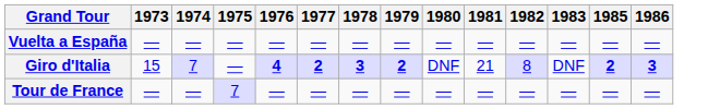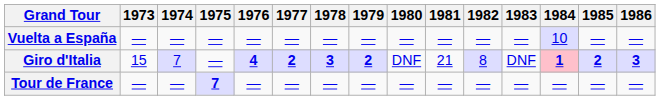 <table class="wikitable plainrowheaders">
 <tr>
 <th scope="col"><a href='#'>Grand Tour</a></th>
 <th scope="col">1973</th>
 <th scope="col">1974</th>
 <th scope="col">1975</th>
 <th scope="col">1976</th>
 <th scope="col">1977</th>
 <th scope="col">1978</th>
 <th scope="col">1979</th>
 <th scope="col">1980</th>
 <th scope="col">1981</th>
 <th scope="col">1982</th>
 <th scope="col">1983</th>
+<th scope="col">1984</th>
 <th scope="col">1985</th>
 <th scope="col">1986</th>
 </tr>
 <tr style="text-align:center;">
 <th scope="row"> <a href='#'>Vuelta a España</a></th>
 <td><a href='#'>—</a></td>
 <td><a href='#'>—</a></td>
 <td><a href='#'>—</a></td>
 <td><a href='#'>—</a></td>
 <td><a href='#'>—</a></td>
 <td><a href='#'>—</a></td>
 <td><a href='#'>—</a></td>
 <td><a href='#'>—</a></td>
 <td><a href='#'>—</a></td>
 <td><a href='#'>—</a></td>
 <td><a href='#'>—</a></td>
+<td style="background:#ddf;"><a href='#'>10</a></td>
 <td><a href='#'>—</a></td>
 <td><a href='#'>—</a></td>
 </tr>
 <tr style="text-align:center;">
 <th scope="row"> <a href='#'>Giro d'Italia</a></th>
 <td><a href='#'>15</a></td>
 <td style="background:#ddddff;"><a href='#'>7</a></td>
 <td><a href='#'>—</a></td>
 <td style="background:#ddddff;"><strong><a href='#'>4</a></strong></td>
 <td style="background:#ddddff;"><a href='#'><strong>2</strong></a></td>
 <td style="background:#ddddff;"><a href='#'><strong>3</strong></a></td>
 <td style="background:#ddddff;"><a href='#'><strong>2</strong></a></td>
 <td><a href='#'>DNF</a></td>
 <td><a href='#'>21</a></td>
 <td style="background:#ddddff;"><a href='#'>8</a></td>
 <td><a href='#'>DNF</a></td>
+<td style="background:pink"><a href='#'><strong>1</strong></a></td>
 <td style="background:#ddddff;"><a href='#'><strong>2</strong></a></td>
 <td style="background:#ddddff;"><a href='#'><strong>3</strong></a></td>
 </tr>
 <tr style="text-align:center;">
 <th scope="row"> <a href='#'>Tour de France</a></th>
 <td><a href='#'>—</a></td>
 <td><a href='#'>—</a></td>
-<td style="background:#ddddff;"><a href='#'>7</a></td>
+<td style="background:#ddddff;"><strong><a href='#'>7</a></strong></td>
+<td><a href='#'>—</a></td>
 <td><a href='#'>—</a></td>
 <td><a href='#'>—</a></td>
 <td><a href='#'>—</a></td>
 <td><a href='#'>—</a></td>
 <td><a href='#'>—</a></td>
 <td><a href='#'>—</a></td>
 <td><a href='#'>—</a></td>
 <td><a href='#'>—</a></td>
 <td><a href='#'>—</a></td>
 <td><a href='#'>—</a></td>
 </tr>
 </table>
